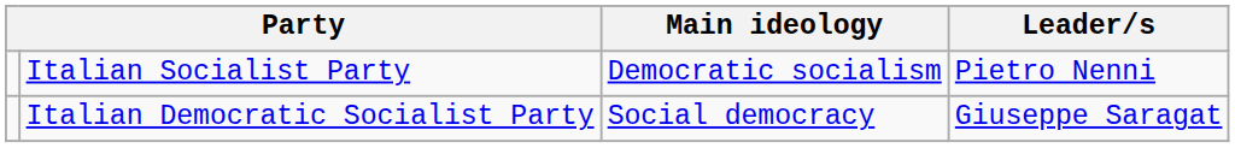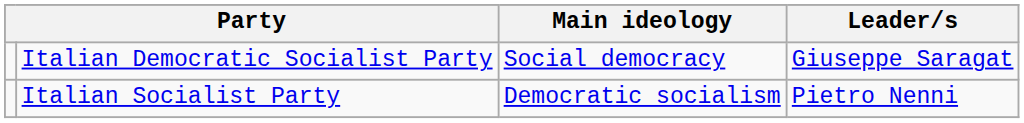 <table class="wikitable" style="font-size:95%">
 <tr>
 <th colspan=2>Party</th>
 <th>Main ideology</th>
 <th>Leader/s</th>
 </tr>
 <tr>
 <td></td>
+<td><a href='#'>Italian Democratic Socialist Party</a></td>
+<td><a href='#'>Social democracy</a></td>
+<td><a href='#'>Giuseppe Saragat</a></td>
+</tr>
+<tr>
+<td></td>
 <td><a href='#'>Italian Socialist Party</a></td>
 <td><a href='#'>Democratic socialism</a></td>
 <td><a href='#'>Pietro Nenni</a></td>
 </tr>
-<tr>
-<td></td>
-<td><a href='#'>Italian Democratic Socialist Party</a></td>
-<td><a href='#'>Social democracy</a></td>
-<td><a href='#'>Giuseppe Saragat</a></td>
-</tr>
 </table>
